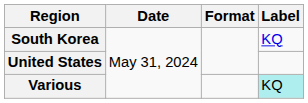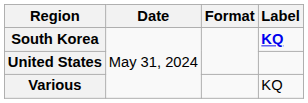 <table class="wikitable plainrowheaders">
 <tr>
 <th scope="col">Region</th>
 <th scope="col">Date</th>
 <th scope="col">Format</th>
 <th scope="col">Label</th>
 </tr>
 <tr>
 <th scope="row">South Korea</th>
 <td rowspan="3">May 31, 2024</td>
 <td rowspan="2"></td>
-<td><a href='#'>KQ</a></td>
+<td><strong><a href='#'>KQ</a></strong></td>
 </tr>
 <tr>
 <th scope="row">United States</th>
 <td></td>
 </tr>
 <tr>
 <th scope="row">Various</th>
 <td></td>
-<td style="background: paleturquoise;">KQ</td>
+<td>KQ</td>
 </tr>
 </table>
